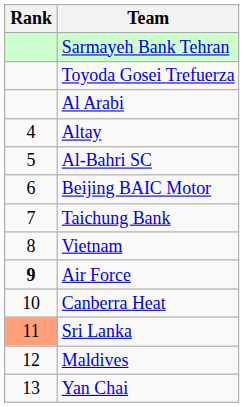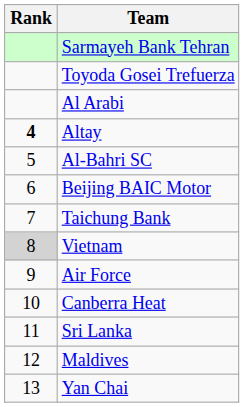 <table class="wikitable" style="text-align:center;">
 <tr>
 <th width=40>Rank</th>
 <th>Team</th>
 </tr>
 <tr bgcolor=#ccffcc>
 <td></td>
 <td style="text-align:left;"> <a href='#'>Sarmayeh Bank Tehran</a></td>
 </tr>
 <tr>
 <td></td>
 <td style="text-align:left;"> <a href='#'>Toyoda Gosei Trefuerza</a></td>
 </tr>
 <tr>
 <td></td>
 <td style="text-align:left;"> <a href='#'>Al Arabi</a></td>
 </tr>
 <tr>
-<td>4</td>
+<td><strong>4</strong></td>
 <td style="text-align:left;"> <a href='#'>Altay</a></td>
 </tr>
 <tr>
 <td>5</td>
 <td style="text-align:left;"> <a href='#'>Al-Bahri SC</a></td>
 </tr>
 <tr>
 <td>6</td>
 <td style="text-align:left;"> <a href='#'>Beijing BAIC Motor</a></td>
 </tr>
 <tr>
 <td>7</td>
 <td style="text-align:left;"> <a href='#'>Taichung Bank</a></td>
 </tr>
 <tr>
-<td>8</td>
+<td style="background: lightgrey;">8</td>
 <td style="text-align:left;"> <a href='#'>Vietnam</a></td>
 </tr>
 <tr>
-<td><strong>9</strong></td>
+<td>9</td>
 <td style="text-align:left;"> <a href='#'>Air Force</a></td>
 </tr>
 <tr>
 <td>10</td>
 <td style="text-align:left;"> <a href='#'>Canberra Heat</a></td>
 </tr>
 <tr>
-<td style="background: lightsalmon;">11</td>
+<td>11</td>
 <td style="text-align:left;"> <a href='#'>Sri Lanka</a></td>
 </tr>
 <tr>
 <td>12</td>
 <td style="text-align:left;"> <a href='#'>Maldives</a></td>
 </tr>
 <tr>
 <td>13</td>
 <td style="text-align:left;"> <a href='#'>Yan Chai</a></td>
 </tr>
 </table>
